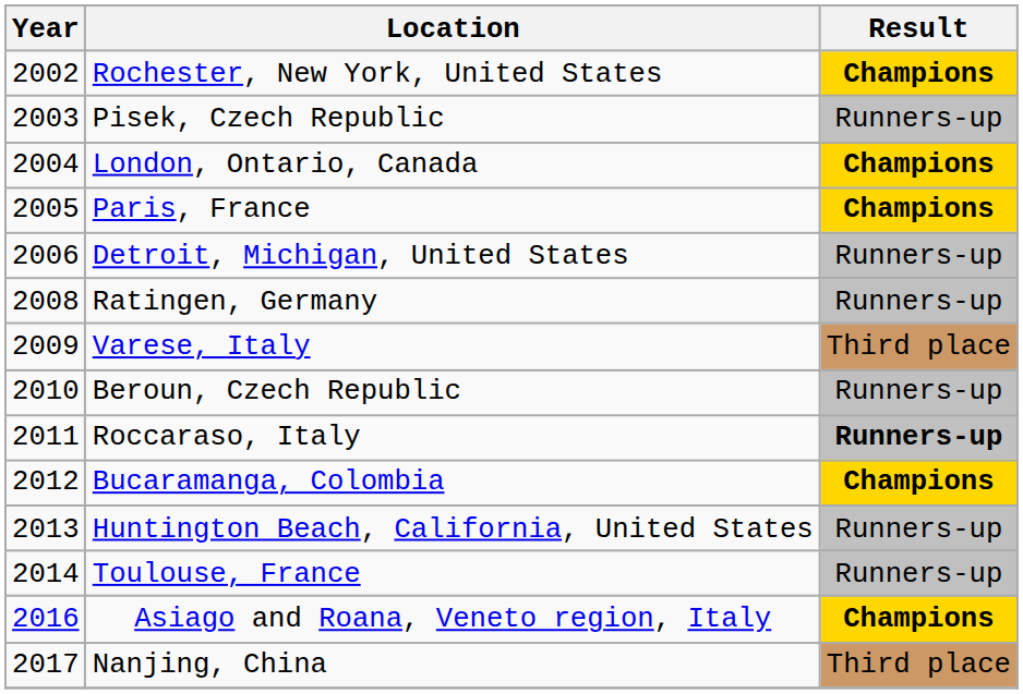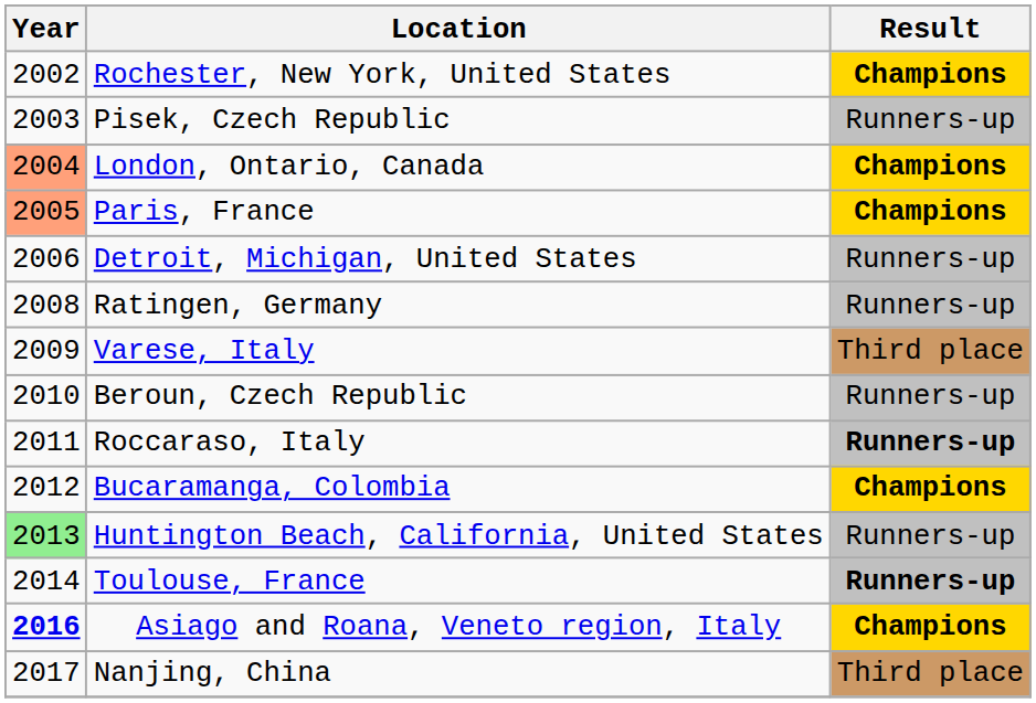 <table class="wikitable" style="text-align:center;">
 <tr>
 <th>Year</th>
 <th>Location</th>
 <th>Result</th>
 </tr>
 <tr>
 <td>2002</td>
 <td align=left><a href='#'>Rochester</a>, New York, United States</td>
 <td bgcolor=gold><strong>Champions</strong></td>
 </tr>
 <tr>
 <td>2003</td>
 <td align=left>Pisek, Czech Republic</td>
 <td bgcolor=silver>Runners-up</td>
 </tr>
 <tr>
-<td>2004</td>
+<td style="background: lightsalmon;">2004</td>
 <td align=left><a href='#'>London</a>, Ontario, Canada</td>
 <td bgcolor=gold><strong>Champions</strong></td>
 </tr>
 <tr>
-<td>2005</td>
+<td style="background: lightsalmon;">2005</td>
 <td align=left><a href='#'>Paris</a>, France</td>
 <td bgcolor=gold><strong>Champions</strong></td>
 </tr>
 <tr>
 <td>2006</td>
 <td align=left><a href='#'>Detroit</a>, <a href='#'>Michigan</a>, United States</td>
 <td bgcolor=silver>Runners-up</td>
 </tr>
 <tr>
 <td>2008</td>
 <td align=left>Ratingen, Germany</td>
 <td bgcolor=silver>Runners-up</td>
 </tr>
 <tr>
 <td>2009</td>
 <td align=left><a href='#'>Varese, Italy</a></td>
 <td bgcolor=cc9966>Third place</td>
 </tr>
 <tr>
 <td>2010</td>
 <td align=left>Beroun, Czech Republic</td>
 <td bgcolor=silver>Runners-up</td>
 </tr>
 <tr>
 <td>2011</td>
 <td align=left>Roccaraso, Italy</td>
 <td bgcolor=silver><strong>Runners-up</strong></td>
 </tr>
 <tr>
 <td>2012</td>
 <td align=left><a href='#'>Bucaramanga, Colombia</a></td>
 <td bgcolor=gold><strong>Champions</strong></td>
 </tr>
 <tr>
-<td>2013</td>
+<td style="background: lightgreen;">2013</td>
 <td align=left><a href='#'>Huntington Beach</a>, <a href='#'>California</a>, United States</td>
 <td bgcolor=silver>Runners-up</td>
 </tr>
 <tr>
 <td>2014</td>
 <td align=left><a href='#'>Toulouse, France</a></td>
-<td bgcolor=silver>Runners-up</td>
+<td bgcolor=silver><strong>Runners-up</strong></td>
 </tr>
 <tr>
-<td><a href='#'>2016</a></td>
+<td><strong><a href='#'>2016</a></strong></td>
 <td><a href='#'>Asiago</a> and <a href='#'>Roana</a>, <a href='#'>Veneto region</a>, <a href='#'>Italy</a></td>
 <td bgcolor=gold><strong>Champions</strong></td>
 </tr>
 <tr>
 <td>2017</td>
 <td align=left>Nanjing, China</td>
 <td bgcolor=cc9966>Third place</td>
 </tr>
 <tr>
 </tr>
 </table>
